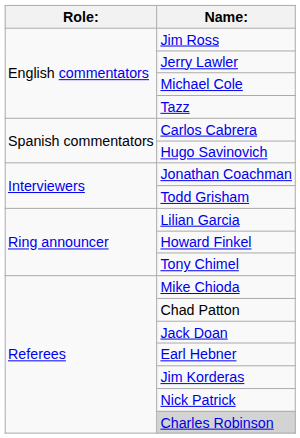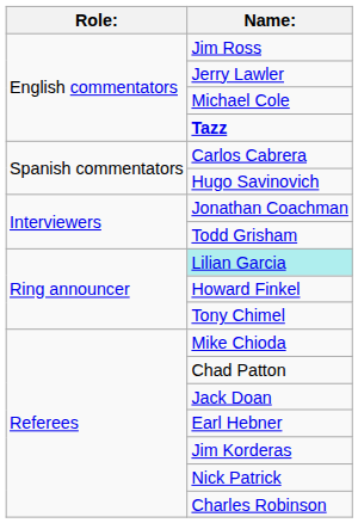 <table class="wikitable" border="1" style="font-size:90%; margin:0.5em 0 0.5em 1em; float:right; clear:right;">
 <tr>
 <th>Role:</th>
 <th>Name:</th>
 </tr>
 <tr>
 <td rowspan=4>English <a href='#'>commentators</a></td>
 <td><a href='#'>Jim Ross</a> </td>
 </tr>
 <tr>
 <td><a href='#'>Jerry Lawler</a> </td>
 </tr>
 <tr>
 <td><a href='#'>Michael Cole</a> </td>
 </tr>
 <tr>
-<td><a href='#'>Tazz</a> </td>
+<td><strong><a href='#'>Tazz</a> </strong></td>
 </tr>
 <tr>
 <td rowspan=2>Spanish commentators</td>
 <td><a href='#'>Carlos Cabrera</a></td>
 </tr>
 <tr>
 <td><a href='#'>Hugo Savinovich</a></td>
 </tr>
 <tr>
 <td rowspan=2><a href='#'>Interviewers</a></td>
 <td><a href='#'>Jonathan Coachman</a></td>
 </tr>
 <tr>
 <td><a href='#'>Todd Grisham</a></td>
 </tr>
 <tr>
 <td rowspan=3><a href='#'>Ring announcer</a></td>
-<td><a href='#'>Lilian Garcia</a> </td>
+<td style="background: paleturquoise;"><a href='#'>Lilian Garcia</a> </td>
 </tr>
 <tr>
 <td><a href='#'>Howard Finkel</a> </td>
 </tr>
 <tr>
 <td><a href='#'>Tony Chimel</a> </td>
 </tr>
 <tr>
 <td rowspan=7><a href='#'>Referees</a></td>
 <td><a href='#'>Mike Chioda</a> </td>
 </tr>
 <tr>
 <td>Chad Patton </td>
 </tr>
 <tr>
 <td><a href='#'>Jack Doan</a> </td>
 </tr>
 <tr>
 <td><a href='#'>Earl Hebner</a> </td>
 </tr>
 <tr>
 <td><a href='#'>Jim Korderas</a> </td>
 </tr>
 <tr>
 <td><a href='#'>Nick Patrick</a> </td>
 </tr>
 <tr>
-<td style="background: lightgrey;"><a href='#'>Charles Robinson</a> </td>
+<td><a href='#'>Charles Robinson</a> </td>
 </tr>
 </table>
